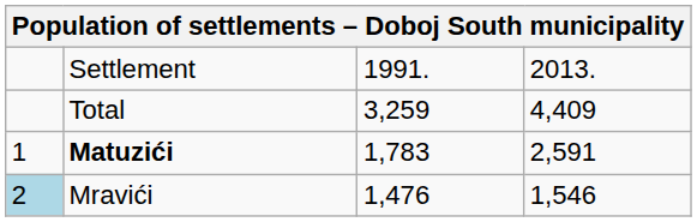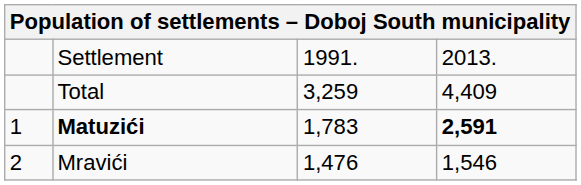 <table class="wikitable">
 <tr>
 <th colspan="4">Population of settlements – Doboj South municipality</th>
 </tr>
 <tr>
 <td></td>
 <td>Settlement</td>
 <td>1991.</td>
 <td>2013.</td>
 </tr>
 <tr>
 <td></td>
 <td>Total</td>
 <td>3,259</td>
 <td>4,409</td>
 </tr>
 <tr>
 <td>1</td>
 <td><strong>Matuzići</strong></td>
 <td>1,783</td>
-<td>2,591</td>
+<td><strong>2,591</strong></td>
 </tr>
 <tr>
-<td style="background: lightblue;">2</td>
+<td>2</td>
 <td>Mravići</td>
 <td>1,476</td>
 <td>1,546</td>
 </tr>
 </table>
